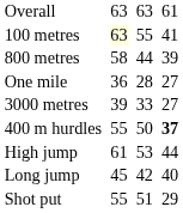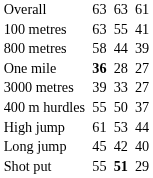 <table>
 <tr>
 <td>Overall</td>
 <td></td>
 <td>63</td>
 <td></td>
 <td>63</td>
 <td></td>
 <td>61</td>
 </tr>
 <tr>
 <td>100 metres</td>
 <td></td>
-<td style="background: lightyellow;">63</td>
+<td>63</td>
 <td></td>
 <td>55</td>
 <td></td>
 <td>41</td>
 </tr>
 <tr>
 <td>800 metres</td>
 <td></td>
 <td>58</td>
 <td></td>
 <td>44</td>
 <td></td>
 <td>39</td>
 </tr>
 <tr>
 <td>One mile</td>
 <td></td>
-<td>36</td>
+<td><strong>36</strong></td>
 <td></td>
 <td>28</td>
 <td></td>
 <td>27</td>
 </tr>
 <tr>
 <td>3000 metres</td>
 <td></td>
 <td>39</td>
 <td></td>
 <td>33</td>
 <td></td>
 <td>27</td>
 </tr>
 <tr>
 <td>400 m hurdles</td>
 <td></td>
 <td>55</td>
 <td></td>
 <td>50</td>
 <td></td>
-<td><strong>37</strong></td>
+<td>37</td>
 </tr>
 <tr>
 <td>High jump</td>
 <td></td>
 <td>61</td>
 <td></td>
 <td>53</td>
 <td></td>
 <td>44</td>
 </tr>
 <tr>
 <td>Long jump</td>
 <td></td>
 <td>45</td>
 <td></td>
 <td>42</td>
 <td></td>
 <td>40</td>
 </tr>
 <tr>
 <td>Shot put</td>
 <td></td>
 <td>55</td>
 <td></td>
-<td>51</td>
+<td><strong>51</strong></td>
 <td></td>
 <td>29</td>
 </tr>
 </table>
